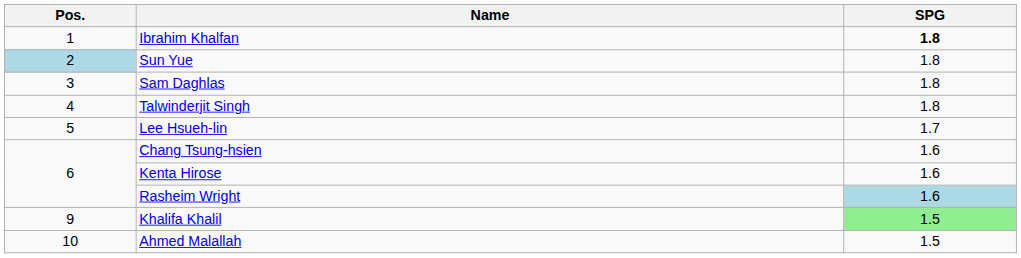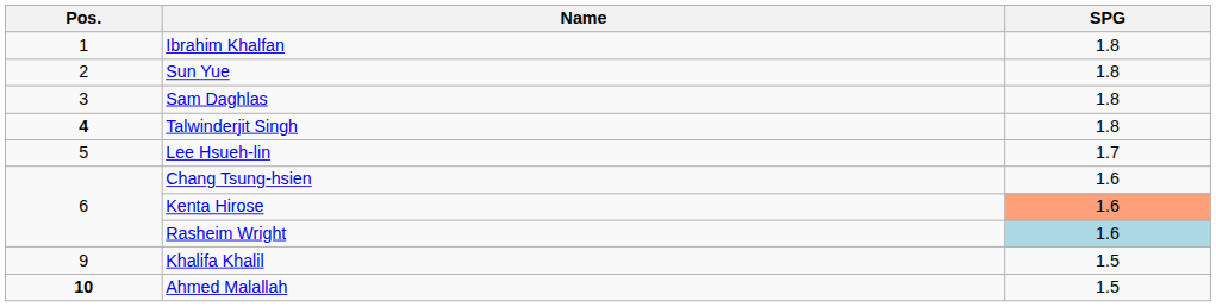 <table class=wikitable width="90%">
 <tr>
 <th width="13%">Pos.</th>
 <th width="70%">Name</th>
 <th width="17%">SPG</th>
 </tr>
 <tr>
 <td align=center>1</td>
 <td> <a href='#'>Ibrahim Khalfan</a></td>
-<td align=center><strong>1.8</strong></td>
+<td align=center>1.8</td>
 </tr>
 <tr>
-<td align=center style="background: lightblue;">2</td>
+<td align=center>2</td>
 <td> <a href='#'>Sun Yue</a></td>
 <td align=center>1.8</td>
 </tr>
 <tr>
 <td align=center>3</td>
 <td> <a href='#'>Sam Daghlas</a></td>
 <td align=center>1.8</td>
 </tr>
 <tr>
-<td align=center>4</td>
+<td align=center><strong>4</strong></td>
 <td> <a href='#'>Talwinderjit Singh</a></td>
 <td align=center>1.8</td>
 </tr>
 <tr>
 <td align=center>5</td>
 <td> <a href='#'>Lee Hsueh-lin</a></td>
 <td align=center>1.7</td>
 </tr>
 <tr>
 <td align=center rowspan=3>6</td>
 <td> <a href='#'>Chang Tsung-hsien</a></td>
 <td align=center>1.6</td>
 </tr>
 <tr>
 <td> <a href='#'>Kenta Hirose</a></td>
-<td align=center>1.6</td>
+<td align=center style="background: lightsalmon;">1.6</td>
 </tr>
 <tr>
 <td> <a href='#'>Rasheim Wright</a></td>
 <td align=center style="background: lightblue;">1.6</td>
 </tr>
 <tr>
 <td align=center>9</td>
 <td> <a href='#'>Khalifa Khalil</a></td>
-<td align=center style="background: lightgreen;">1.5</td>
+<td align=center>1.5</td>
 </tr>
 <tr>
-<td align=center>10</td>
+<td align=center><strong>10</strong></td>
 <td> <a href='#'>Ahmed Malallah</a></td>
 <td align=center>1.5</td>
 </tr>
 </table>
